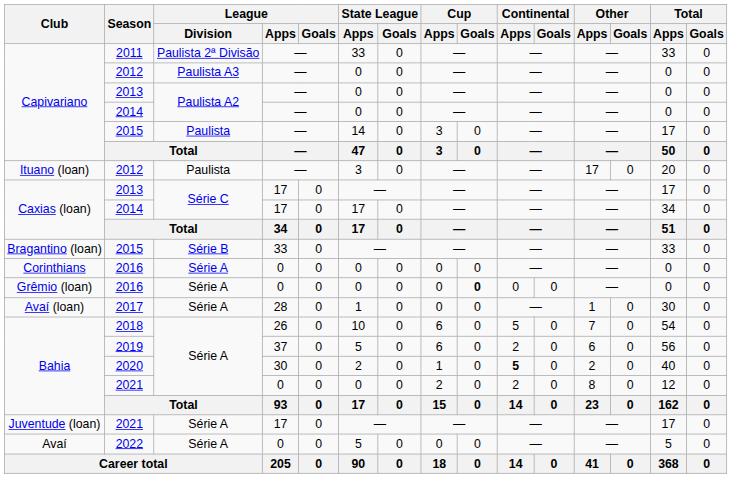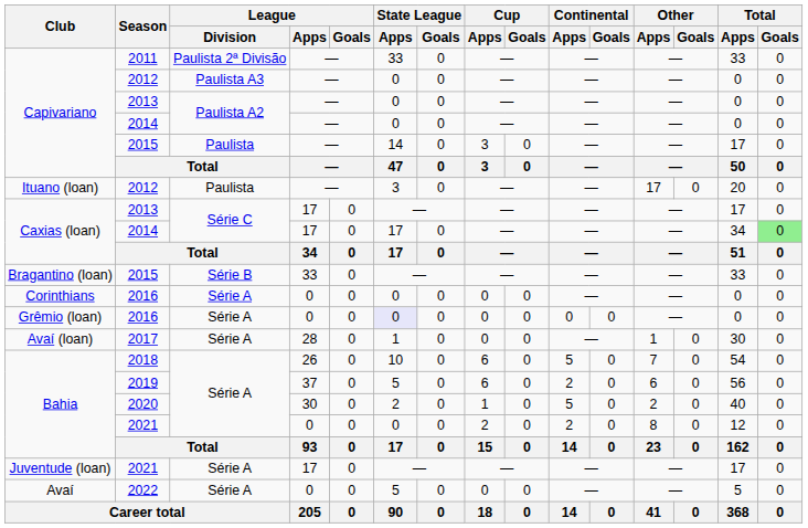 <table class="wikitable" style="text-align:center">
 <tr>
 <th rowspan="2">Club</th>
 <th rowspan="2">Season</th>
 <th colspan="3">League</th>
 <th colspan="2">State League</th>
 <th colspan="2">Cup</th>
 <th colspan="2">Continental</th>
 <th colspan="2">Other</th>
 <th colspan="2">Total</th>
 </tr>
 <tr>
 <th>Division</th>
 <th>Apps</th>
 <th>Goals</th>
 <th>Apps</th>
 <th>Goals</th>
 <th>Apps</th>
 <th>Goals</th>
 <th>Apps</th>
 <th>Goals</th>
 <th>Apps</th>
 <th>Goals</th>
 <th>Apps</th>
 <th>Goals</th>
 </tr>
 <tr>
 <td rowspan="6"><a href='#'>Capivariano</a></td>
 <td><a href='#'>2011</a></td>
 <td><a href='#'>Paulista 2ª Divisão</a></td>
 <td colspan="2">—</td>
 <td>33</td>
 <td>0</td>
 <td colspan="2">—</td>
 <td colspan="2">—</td>
 <td colspan="2">—</td>
 <td>33</td>
 <td>0</td>
 </tr>
 <tr>
 <td><a href='#'>2012</a></td>
 <td><a href='#'>Paulista A3</a></td>
 <td colspan="2">—</td>
 <td>0</td>
 <td>0</td>
 <td colspan="2">—</td>
 <td colspan="2">—</td>
 <td colspan="2">—</td>
 <td>0</td>
 <td>0</td>
 </tr>
 <tr>
 <td><a href='#'>2013</a></td>
 <td rowspan="2"><a href='#'>Paulista A2</a></td>
 <td colspan="2">—</td>
 <td>0</td>
 <td>0</td>
 <td colspan="2">—</td>
 <td colspan="2">—</td>
 <td colspan="2">—</td>
 <td>0</td>
 <td>0</td>
 </tr>
 <tr>
 <td><a href='#'>2014</a></td>
 <td colspan="2">—</td>
 <td>0</td>
 <td>0</td>
 <td colspan="2">—</td>
 <td colspan="2">—</td>
 <td colspan="2">—</td>
 <td>0</td>
 <td>0</td>
 </tr>
 <tr>
 <td><a href='#'>2015</a></td>
 <td><a href='#'>Paulista</a></td>
 <td colspan="2">—</td>
 <td>14</td>
 <td>0</td>
 <td>3</td>
 <td>0</td>
 <td colspan="2">—</td>
 <td colspan="2">—</td>
 <td>17</td>
 <td>0</td>
 </tr>
 <tr>
 <th colspan="2">Total</th>
 <th colspan="2">—</th>
 <th>47</th>
 <th>0</th>
 <th>3</th>
 <th>0</th>
 <th colspan="2">—</th>
 <th colspan="2">—</th>
 <th>50</th>
 <th>0</th>
 </tr>
 <tr>
 <td><a href='#'>Ituano</a> (loan)</td>
 <td><a href='#'>2012</a></td>
 <td>Paulista</td>
 <td colspan="2">—</td>
 <td>3</td>
 <td>0</td>
 <td colspan="2">—</td>
 <td colspan="2">—</td>
 <td>17</td>
 <td>0</td>
 <td>20</td>
 <td>0</td>
 </tr>
 <tr>
 <td rowspan="3"><a href='#'>Caxias</a> (loan)</td>
 <td><a href='#'>2013</a></td>
 <td rowspan="2"><a href='#'>Série C</a></td>
 <td>17</td>
 <td>0</td>
 <td colspan="2">—</td>
 <td colspan="2">—</td>
 <td colspan="2">—</td>
 <td colspan="2">—</td>
 <td>17</td>
 <td>0</td>
 </tr>
 <tr>
 <td><a href='#'>2014</a></td>
 <td>17</td>
 <td>0</td>
 <td>17</td>
 <td>0</td>
 <td colspan="2">—</td>
 <td colspan="2">—</td>
 <td colspan="2">—</td>
 <td>34</td>
-<td>0</td>
+<td style="background: lightgreen;">0</td>
 </tr>
 <tr>
 <th colspan="2">Total</th>
 <th>34</th>
 <th>0</th>
 <th>17</th>
 <th>0</th>
 <th colspan="2">—</th>
 <th colspan="2">—</th>
 <th colspan="2">—</th>
 <th>51</th>
 <th>0</th>
 </tr>
 <tr>
 <td><a href='#'>Bragantino</a> (loan)</td>
 <td><a href='#'>2015</a></td>
 <td><a href='#'>Série B</a></td>
 <td>33</td>
 <td>0</td>
 <td colspan="2">—</td>
 <td colspan="2">—</td>
 <td colspan="2">—</td>
 <td colspan="2">—</td>
 <td>33</td>
 <td>0</td>
 </tr>
 <tr>
 <td><a href='#'>Corinthians</a></td>
 <td><a href='#'>2016</a></td>
 <td><a href='#'>Série A</a></td>
 <td>0</td>
 <td>0</td>
 <td>0</td>
 <td>0</td>
 <td>0</td>
 <td>0</td>
 <td colspan="2">—</td>
 <td colspan="2">—</td>
 <td>0</td>
 <td>0</td>
 </tr>
 <tr>
 <td><a href='#'>Grêmio</a> (loan)</td>
 <td><a href='#'>2016</a></td>
 <td>Série A</td>
 <td>0</td>
 <td>0</td>
+<td style="background: lavender;">0</td>
 <td>0</td>
 <td>0</td>
 <td>0</td>
-<td><strong>0</strong></td>
 <td>0</td>
 <td>0</td>
 <td colspan="2">—</td>
 <td>0</td>
 <td>0</td>
 </tr>
 <tr>
 <td><a href='#'>Avaí</a> (loan)</td>
 <td><a href='#'>2017</a></td>
 <td>Série A</td>
 <td>28</td>
 <td>0</td>
 <td>1</td>
 <td>0</td>
 <td>0</td>
 <td>0</td>
 <td colspan="2">—</td>
 <td>1</td>
 <td>0</td>
 <td>30</td>
 <td>0</td>
 </tr>
 <tr>
 <td rowspan="5"><a href='#'>Bahia</a></td>
 <td><a href='#'>2018</a></td>
 <td rowspan="4">Série A</td>
 <td>26</td>
 <td>0</td>
 <td>10</td>
 <td>0</td>
 <td>6</td>
 <td>0</td>
 <td>5</td>
 <td>0</td>
 <td>7</td>
 <td>0</td>
 <td>54</td>
 <td>0</td>
 </tr>
 <tr>
 <td><a href='#'>2019</a></td>
 <td>37</td>
 <td>0</td>
 <td>5</td>
 <td>0</td>
 <td>6</td>
 <td>0</td>
 <td>2</td>
 <td>0</td>
 <td>6</td>
 <td>0</td>
 <td>56</td>
 <td>0</td>
 </tr>
 <tr>
 <td><a href='#'>2020</a></td>
 <td>30</td>
 <td>0</td>
 <td>2</td>
 <td>0</td>
 <td>1</td>
 <td>0</td>
-<td><strong>5</strong></td>
+<td>5</td>
 <td>0</td>
 <td>2</td>
 <td>0</td>
 <td>40</td>
 <td>0</td>
 </tr>
 <tr>
 <td><a href='#'>2021</a></td>
 <td>0</td>
 <td>0</td>
 <td>0</td>
 <td>0</td>
 <td>2</td>
 <td>0</td>
 <td>2</td>
 <td>0</td>
 <td>8</td>
 <td>0</td>
 <td>12</td>
 <td>0</td>
 </tr>
 <tr>
 <th colspan="2">Total</th>
 <th>93</th>
 <th>0</th>
 <th>17</th>
 <th>0</th>
 <th>15</th>
 <th>0</th>
 <th>14</th>
 <th>0</th>
 <th>23</th>
 <th>0</th>
 <th>162</th>
 <th>0</th>
 </tr>
 <tr>
 <td><a href='#'>Juventude</a> (loan)</td>
 <td><a href='#'>2021</a></td>
 <td>Série A</td>
 <td>17</td>
 <td>0</td>
 <td colspan="2">—</td>
 <td colspan="2">—</td>
 <td colspan="2">—</td>
 <td colspan="2">—</td>
 <td>17</td>
 <td>0</td>
 </tr>
 <tr>
 <td>Avaí</td>
 <td><a href='#'>2022</a></td>
 <td>Série A</td>
 <td>0</td>
 <td>0</td>
 <td>5</td>
 <td>0</td>
 <td>0</td>
 <td>0</td>
 <td colspan="2">—</td>
 <td colspan="2">—</td>
 <td>5</td>
 <td>0</td>
 </tr>
 <tr>
 <th colspan="3">Career total</th>
 <th>205</th>
 <th>0</th>
 <th>90</th>
 <th>0</th>
 <th>18</th>
 <th>0</th>
 <th>14</th>
 <th>0</th>
 <th>41</th>
 <th>0</th>
 <th>368</th>
 <th>0</th>
 </tr>
 </table>
